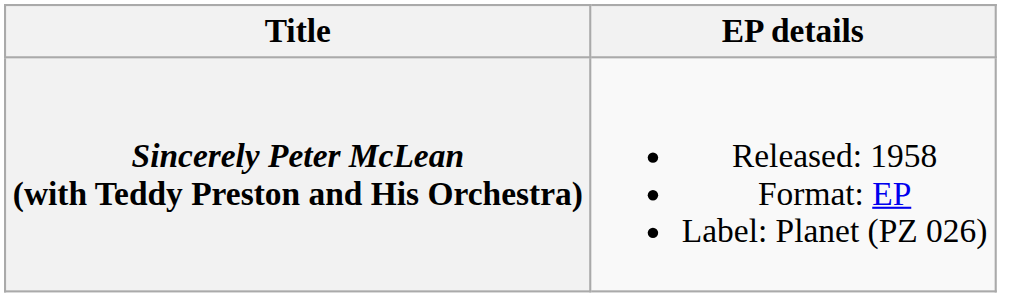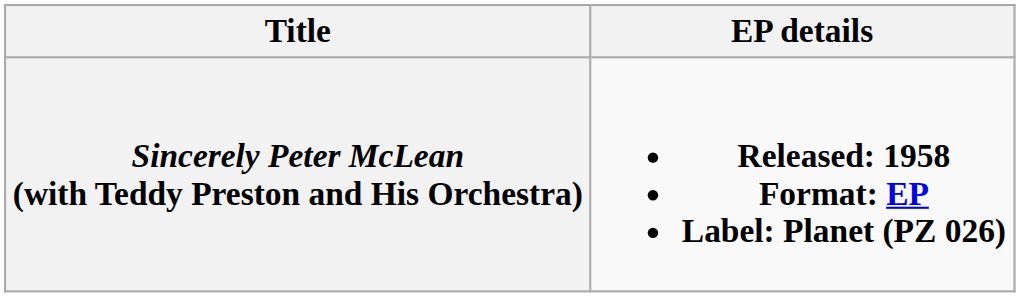 <table class="wikitable plainrowheaders" style="text-align:center">
 <tr>
 <th>Title</th>
 <th>EP details</th>
 </tr>
 <tr>
 <th scope="row"><em>Sincerely Peter McLean</em> <br>(with Teddy Preston and His Orchestra)</th>
-<td><br><ul><li>Released: 1958</li><li>Format: <a href='#'>EP</a></li><li>Label: Planet (PZ 026)</li></ul></td>
+<td><strong><br><ul><li>Released: 1958</li><li>Format: <a href='#'>EP</a></li><li>Label: Planet (PZ 026)</li></ul></strong></td>
 </tr>
 </table>
